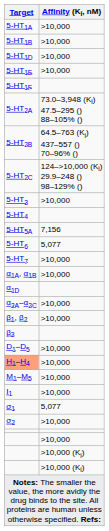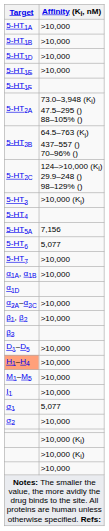 <table class="wikitable floatleft" style="font-size:small;">
 <tr>
 <th><a href='#'>Target</a></th>
 <th><a href='#'>Affinity</a> (K<sub>i</sub>, nM)</th>
 </tr>
 <tr>
 <td><a href='#'>5-HT<sub>1A</sub></a></td>
 <td>>10,000</td>
 </tr>
 <tr>
 <td><a href='#'>5-HT<sub>1B</sub></a></td>
 <td>>10,000</td>
 </tr>
 <tr>
 <td><a href='#'>5-HT<sub>1D</sub></a></td>
 <td>>10,000</td>
 </tr>
 <tr>
 <td><a href='#'>5-HT<sub>1E</sub></a></td>
 <td>>10,000</td>
 </tr>
 <tr>
 <td><a href='#'>5-HT<sub>1F</sub></a></td>
 <td></td>
 </tr>
 <tr>
 <td><a href='#'>5-HT<sub>2A</sub></a></td>
 <td>73.0–3,948 (K<sub>i</sub>)<br>47.5–295 ()<br>88–105% ()</td>
 </tr>
 <tr>
 <td><a href='#'>5-HT<sub>2B</sub></a></td>
 <td>64.5–763 (K<sub>i</sub>)<br>437–557 ()<br>70–96% ()</td>
 </tr>
 <tr>
 <td><a href='#'>5-HT<sub>2C</sub></a></td>
 <td>124–>10,000 (K<sub>i</sub>)<br>29.9–248 ()<br>98–129% ()</td>
 </tr>
 <tr>
 <td><a href='#'>5-HT<sub>3</sub></a></td>
-<td>>10,000</td>
+<td>>10,000 (K<sub>i</sub>)</td>
 </tr>
 <tr>
 <td><a href='#'>5-HT<sub>4</sub></a></td>
 <td></td>
 </tr>
 <tr>
 <td><a href='#'>5-HT<sub>5A</sub></a></td>
 <td>7,156</td>
 </tr>
 <tr>
 <td><a href='#'>5-HT<sub>6</sub></a></td>
 <td>5,077</td>
 </tr>
 <tr>
 <td><a href='#'>5-HT<sub>7</sub></a></td>
 <td>>10,000</td>
 </tr>
 <tr>
 <td><a href='#'>α<sub>1A</sub></a>, <a href='#'>α<sub>1B</sub></a></td>
 <td>>10,000</td>
 </tr>
 <tr>
 <td><a href='#'>α<sub>1D</sub></a></td>
 <td></td>
 </tr>
 <tr>
 <td><a href='#'>α<sub>2A</sub></a>–<a href='#'>α<sub>2C</sub></a></td>
 <td>>10,000</td>
 </tr>
 <tr>
 <td><a href='#'>β<sub>1</sub></a>, <a href='#'>β<sub>2</sub></a></td>
 <td>>10,000</td>
 </tr>
 <tr>
 <td><a href='#'>β<sub>3</sub></a></td>
 <td></td>
 </tr>
 <tr>
 <td><a href='#'>D<sub>1</sub></a>–<a href='#'>D<sub>5</sub></a></td>
 <td>>10,000</td>
 </tr>
 <tr>
 <td style="background: lightsalmon;"><a href='#'>H<sub>1</sub></a>–<a href='#'>H<sub>4</sub></a></td>
 <td>>10,000</td>
 </tr>
 <tr>
 <td><a href='#'>M<sub>1</sub></a>–<a href='#'>M<sub>5</sub></a></td>
 <td>>10,000</td>
 </tr>
 <tr>
 <td><a href='#'>I<sub>1</sub></a></td>
 <td>>10,000</td>
 </tr>
 <tr>
 <td><a href='#'>σ<sub>1</sub></a></td>
 <td>5,077</td>
 </tr>
 <tr>
 <td><a href='#'>σ<sub>2</sub></a></td>
 <td>>10,000</td>
 </tr>
 <tr>
 <td></td>
 <td></td>
 </tr>
 <tr>
 <td></td>
-<td>>10,000</td>
+<td>>10,000 (K<sub>i</sub>)</td>
 </tr>
 <tr>
 <td></td>
 <td>>10,000 (K<sub>i</sub>)</td>
 </tr>
 <tr>
 <td></td>
-<td>>10,000 (K<sub>i</sub>)</td>
+<td>>10,000</td>
 </tr>
 <tr class="sortbottom">
 <td colspan="2" style="width: 1px; background-color:#eaecf0; text-align: center;"><strong>Notes:</strong> The smaller the value, the more avidly the drug binds to the site. All proteins are human unless otherwise specified. <strong>Refs:</strong> </td>
 </tr>
 </table>
